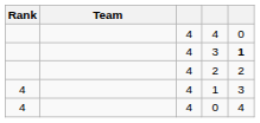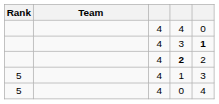 <table class="wikitable" style="text-align:center; font-size:90%;">
 <tr>
 <th width=35>Rank</th>
 <th width=160>Team</th>
 <th width=25></th>
 <th width=25></th>
 <th width=25></th>
 </tr>
 <tr>
 <td></td>
 <td align=left></td>
 <td>4</td>
 <td>4</td>
 <td>0</td>
 </tr>
 <tr>
 <td></td>
 <td align=left></td>
 <td>4</td>
 <td>3</td>
 <td><strong>1</strong></td>
 </tr>
 <tr>
 <td></td>
 <td align=left></td>
 <td>4</td>
-<td>2</td>
+<td><strong>2</strong></td>
 <td>2</td>
 </tr>
 <tr>
-<td>4</td>
+<td>5</td>
 <td align=left></td>
 <td>4</td>
 <td>1</td>
 <td>3</td>
 </tr>
 <tr>
-<td>4</td>
+<td>5</td>
 <td align=left></td>
 <td>4</td>
 <td>0</td>
 <td>4</td>
 </tr>
 </table>
